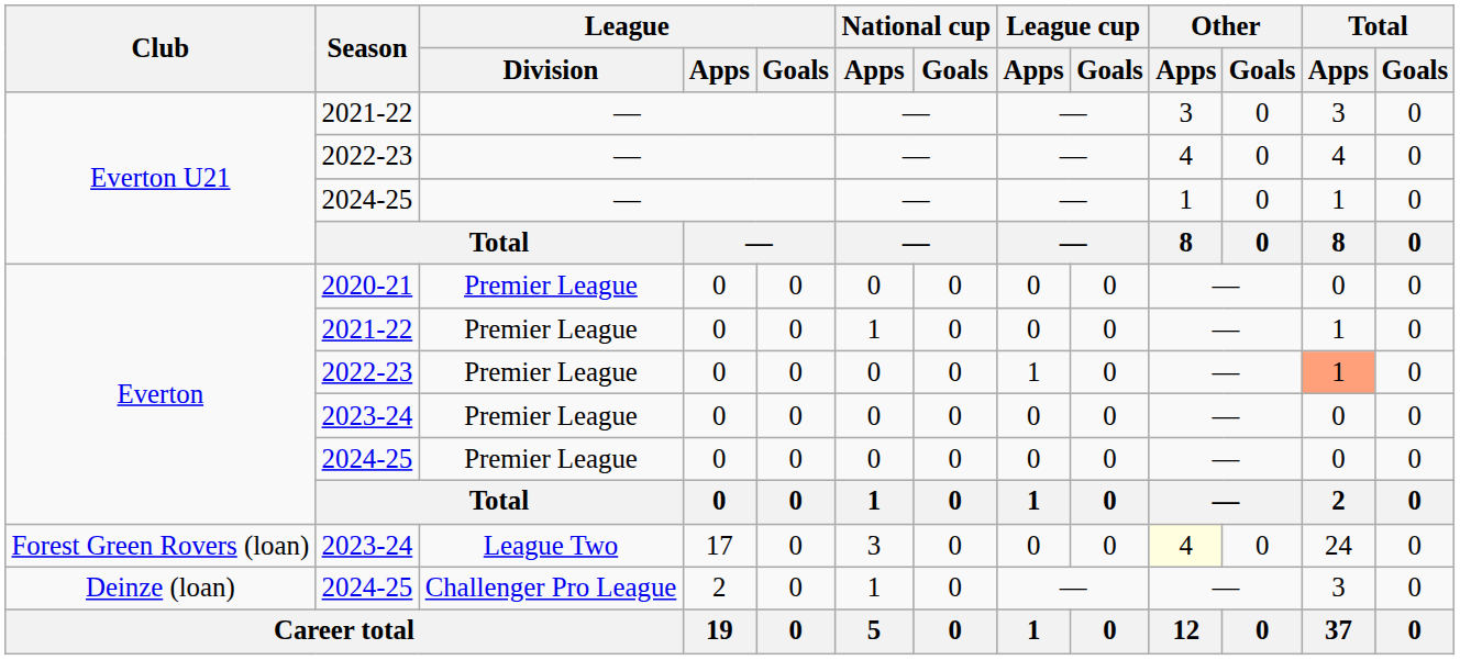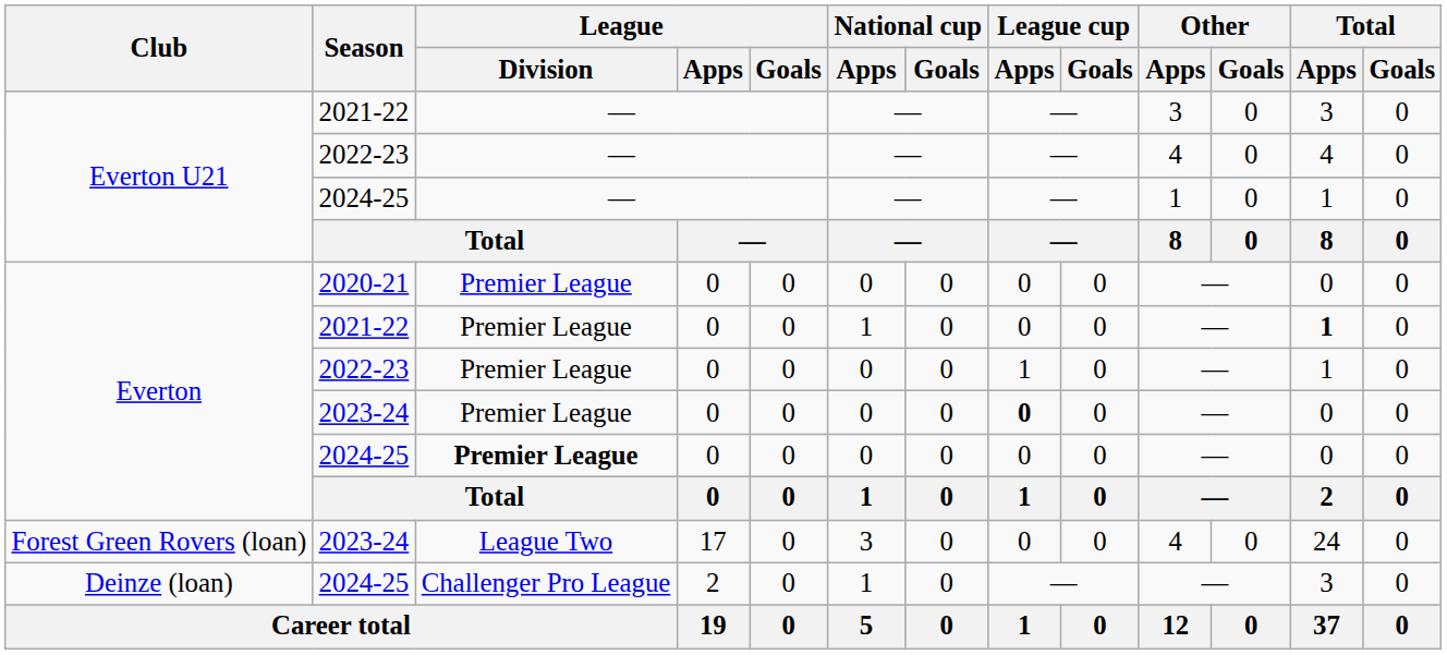 <table class="wikitable" style="text-align: center">
 <tr>
 <th rowspan="2">Club</th>
 <th rowspan="2">Season</th>
 <th colspan="3">League</th>
 <th colspan="2">National cup</th>
 <th colspan="2">League cup</th>
 <th colspan="2">Other</th>
 <th colspan="2">Total</th>
 </tr>
 <tr>
 <th>Division</th>
 <th>Apps</th>
 <th>Goals</th>
 <th>Apps</th>
 <th>Goals</th>
 <th>Apps</th>
 <th>Goals</th>
 <th>Apps</th>
 <th>Goals</th>
 <th>Apps</th>
 <th>Goals</th>
 </tr>
 <tr>
 <td rowspan="4"><a href='#'>Everton U21</a></td>
 <td>2021-22</td>
 <td colspan="3">—</td>
 <td colspan="2">—</td>
 <td colspan="2">—</td>
 <td>3</td>
 <td>0</td>
 <td>3</td>
 <td>0</td>
 </tr>
 <tr>
 <td>2022-23</td>
 <td colspan="3">—</td>
 <td colspan="2">—</td>
 <td colspan="2">—</td>
 <td>4</td>
 <td>0</td>
 <td>4</td>
 <td>0</td>
 </tr>
 <tr>
 <td>2024-25</td>
 <td colspan="3">—</td>
 <td colspan="2">—</td>
 <td colspan="2">—</td>
 <td>1</td>
 <td>0</td>
 <td>1</td>
 <td>0</td>
 </tr>
 <tr>
 <th colspan="2">Total</th>
 <th colspan="2">—</th>
 <th colspan="2">—</th>
 <th colspan="2">—</th>
 <th>8</th>
 <th>0</th>
 <th>8</th>
 <th>0</th>
 </tr>
 <tr>
 <td rowspan="6"><a href='#'>Everton</a></td>
 <td><a href='#'>2020-21</a></td>
 <td><a href='#'>Premier League</a></td>
 <td>0</td>
 <td>0</td>
 <td>0</td>
 <td>0</td>
 <td>0</td>
 <td>0</td>
 <td colspan="2">—</td>
 <td>0</td>
 <td>0</td>
 </tr>
 <tr>
 <td><a href='#'>2021-22</a></td>
 <td>Premier League</td>
 <td>0</td>
 <td>0</td>
 <td>1</td>
 <td>0</td>
 <td>0</td>
 <td>0</td>
 <td colspan="2">—</td>
-<td>1</td>
+<td><strong>1</strong></td>
 <td>0</td>
 </tr>
 <tr>
 <td><a href='#'>2022-23</a></td>
 <td>Premier League</td>
 <td>0</td>
 <td>0</td>
 <td>0</td>
 <td>0</td>
 <td>1</td>
 <td>0</td>
 <td colspan="2">—</td>
-<td style="background: lightsalmon;">1</td>
+<td>1</td>
 <td>0</td>
 </tr>
 <tr>
 <td><a href='#'>2023-24</a></td>
 <td>Premier League</td>
 <td>0</td>
 <td>0</td>
 <td>0</td>
 <td>0</td>
-<td>0</td>
+<td><strong>0</strong></td>
 <td>0</td>
 <td colspan="2">—</td>
 <td>0</td>
 <td>0</td>
 </tr>
 <tr>
 <td><a href='#'>2024-25</a></td>
-<td>Premier League</td>
+<td><strong>Premier League</strong></td>
 <td>0</td>
 <td>0</td>
 <td>0</td>
 <td>0</td>
 <td>0</td>
 <td>0</td>
 <td colspan="2">—</td>
 <td>0</td>
 <td>0</td>
 </tr>
 <tr>
 <th colspan="2">Total</th>
 <th>0</th>
 <th>0</th>
 <th>1</th>
 <th>0</th>
 <th>1</th>
 <th>0</th>
 <th colspan="2">—</th>
 <th>2</th>
 <th>0</th>
 </tr>
 <tr>
 <td><a href='#'>Forest Green Rovers</a> (loan)</td>
 <td><a href='#'>2023-24</a></td>
 <td><a href='#'>League Two</a></td>
 <td>17</td>
 <td>0</td>
 <td>3</td>
 <td>0</td>
 <td>0</td>
 <td>0</td>
-<td style="background: lightyellow;">4</td>
+<td>4</td>
 <td>0</td>
 <td>24</td>
 <td>0</td>
 </tr>
 <tr>
 <td><a href='#'>Deinze</a> (loan)</td>
 <td><a href='#'>2024-25</a></td>
 <td><a href='#'>Challenger Pro League</a></td>
 <td>2</td>
 <td>0</td>
 <td>1</td>
 <td>0</td>
 <td colspan="2">—</td>
 <td colspan="2">—</td>
 <td>3</td>
 <td>0</td>
 </tr>
 <tr>
 <th colspan="3">Career total</th>
 <th>19</th>
 <th>0</th>
 <th>5</th>
 <th>0</th>
 <th>1</th>
 <th>0</th>
 <th>12</th>
 <th>0</th>
 <th>37</th>
 <th>0</th>
 </tr>
 </table>
